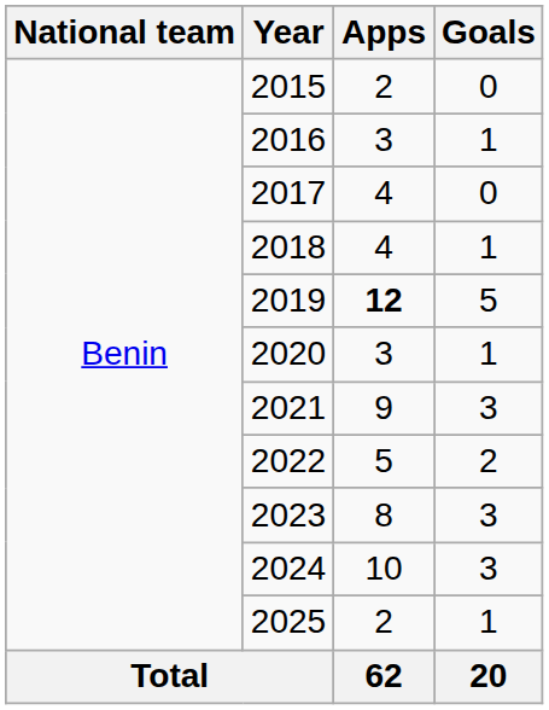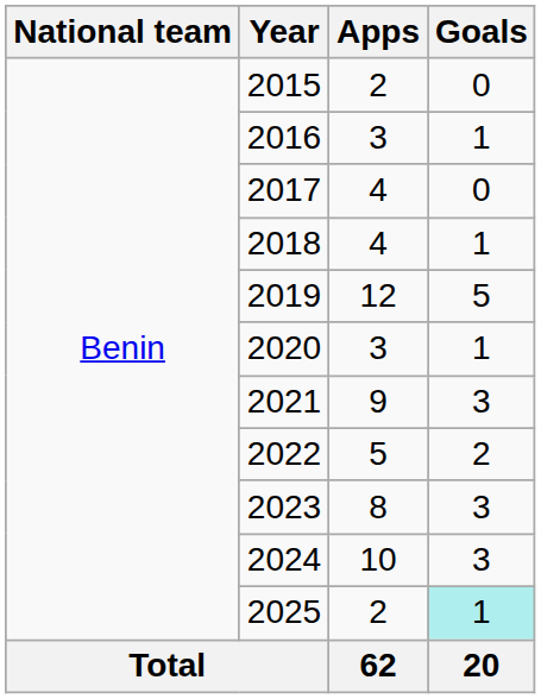 <table class="wikitable" style="text-align:center">
 <tr>
 <th>National team</th>
 <th>Year</th>
 <th>Apps</th>
 <th>Goals</th>
 </tr>
 <tr>
 <td rowspan="11"><a href='#'>Benin</a></td>
 <td>2015</td>
 <td>2</td>
 <td>0</td>
 </tr>
 <tr>
 <td>2016</td>
 <td>3</td>
 <td>1</td>
 </tr>
 <tr>
 <td>2017</td>
 <td>4</td>
 <td>0</td>
 </tr>
 <tr>
 <td>2018</td>
 <td>4</td>
 <td>1</td>
 </tr>
 <tr>
 <td>2019</td>
-<td><strong>12</strong></td>
+<td>12</td>
 <td>5</td>
 </tr>
 <tr>
 <td>2020</td>
 <td>3</td>
 <td>1</td>
 </tr>
 <tr>
 <td>2021</td>
 <td>9</td>
 <td>3</td>
 </tr>
 <tr>
 <td>2022</td>
 <td>5</td>
 <td>2</td>
 </tr>
 <tr>
 <td>2023</td>
 <td>8</td>
 <td>3</td>
 </tr>
 <tr>
 <td>2024</td>
 <td>10</td>
 <td>3</td>
 </tr>
 <tr>
 <td>2025</td>
 <td>2</td>
-<td>1</td>
+<td style="background: paleturquoise;">1</td>
 </tr>
 <tr>
 <th colspan="2">Total</th>
 <th>62</th>
 <th>20</th>
 </tr>
 </table>
